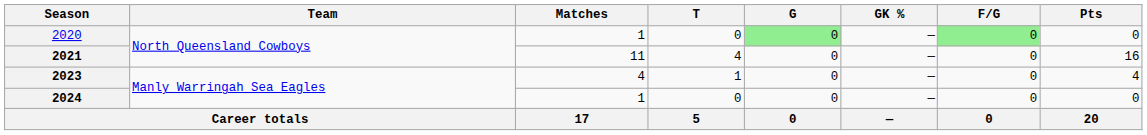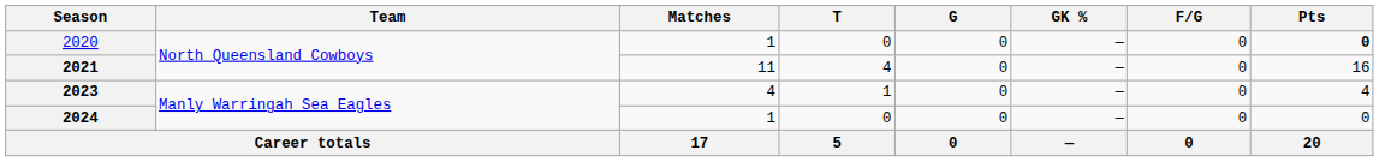 <table class="wikitable sortable"  style="font-size:90%; text-align:center; width:85%;">
 <tr>
 <th width=2%>Season</th>
 <th width=8%>Team</th>
 <th width=2%>Matches</th>
 <th width=2%>T</th>
 <th width=2%>G</th>
 <th width=2%>GK %</th>
 <th width=2%>F/G</th>
 <th width=2%>Pts</th>
 </tr>
 <tr>
 <th scope="row" style="text-align:center; font-weight:normal"><a href='#'>2020</a></th>
 <td rowspan="2" style="text-align:left;"> <a href='#'>North Queensland Cowboys</a></td>
 <td align=right>1</td>
 <td align=right>0</td>
-<td align=right style="background: lightgreen;">0</td>
+<td align=right>0</td>
 <td align=right>—</td>
-<td align=right style="background: lightgreen;">0</td>
 <td align=right>0</td>
+<td align=right><strong>0</strong></td>
 </tr>
 <tr>
 <th>2021</th>
 <td align=right>11</td>
 <td align=right>4</td>
 <td align=right>0</td>
 <td align=right>—</td>
 <td align=right>0</td>
 <td align=right>16</td>
 </tr>
 <tr>
 <th>2023</th>
 <td rowspan="2" align=left> <a href='#'>Manly Warringah Sea Eagles</a></td>
 <td align=right>4</td>
 <td align=right>1</td>
 <td align=right>0</td>
 <td align=right>—</td>
 <td align=right>0</td>
 <td align=right>4</td>
 </tr>
 <tr>
 <th>2024</th>
 <td align=right>1</td>
 <td align=right>0</td>
 <td align=right>0</td>
 <td align=right>—</td>
 <td align=right>0</td>
 <td align=right>0</td>
 </tr>
 <tr class="sortbottom">
 <th colspan="2"><strong>Career totals</strong></th>
 <th align=right><strong>17</strong></th>
 <th align=right><strong>5</strong></th>
 <th align=right><strong>0</strong></th>
 <th align=right><strong>—</strong></th>
 <th align=right><strong>0</strong></th>
 <th align=right><strong>20</strong></th>
 </tr>
 </table>
